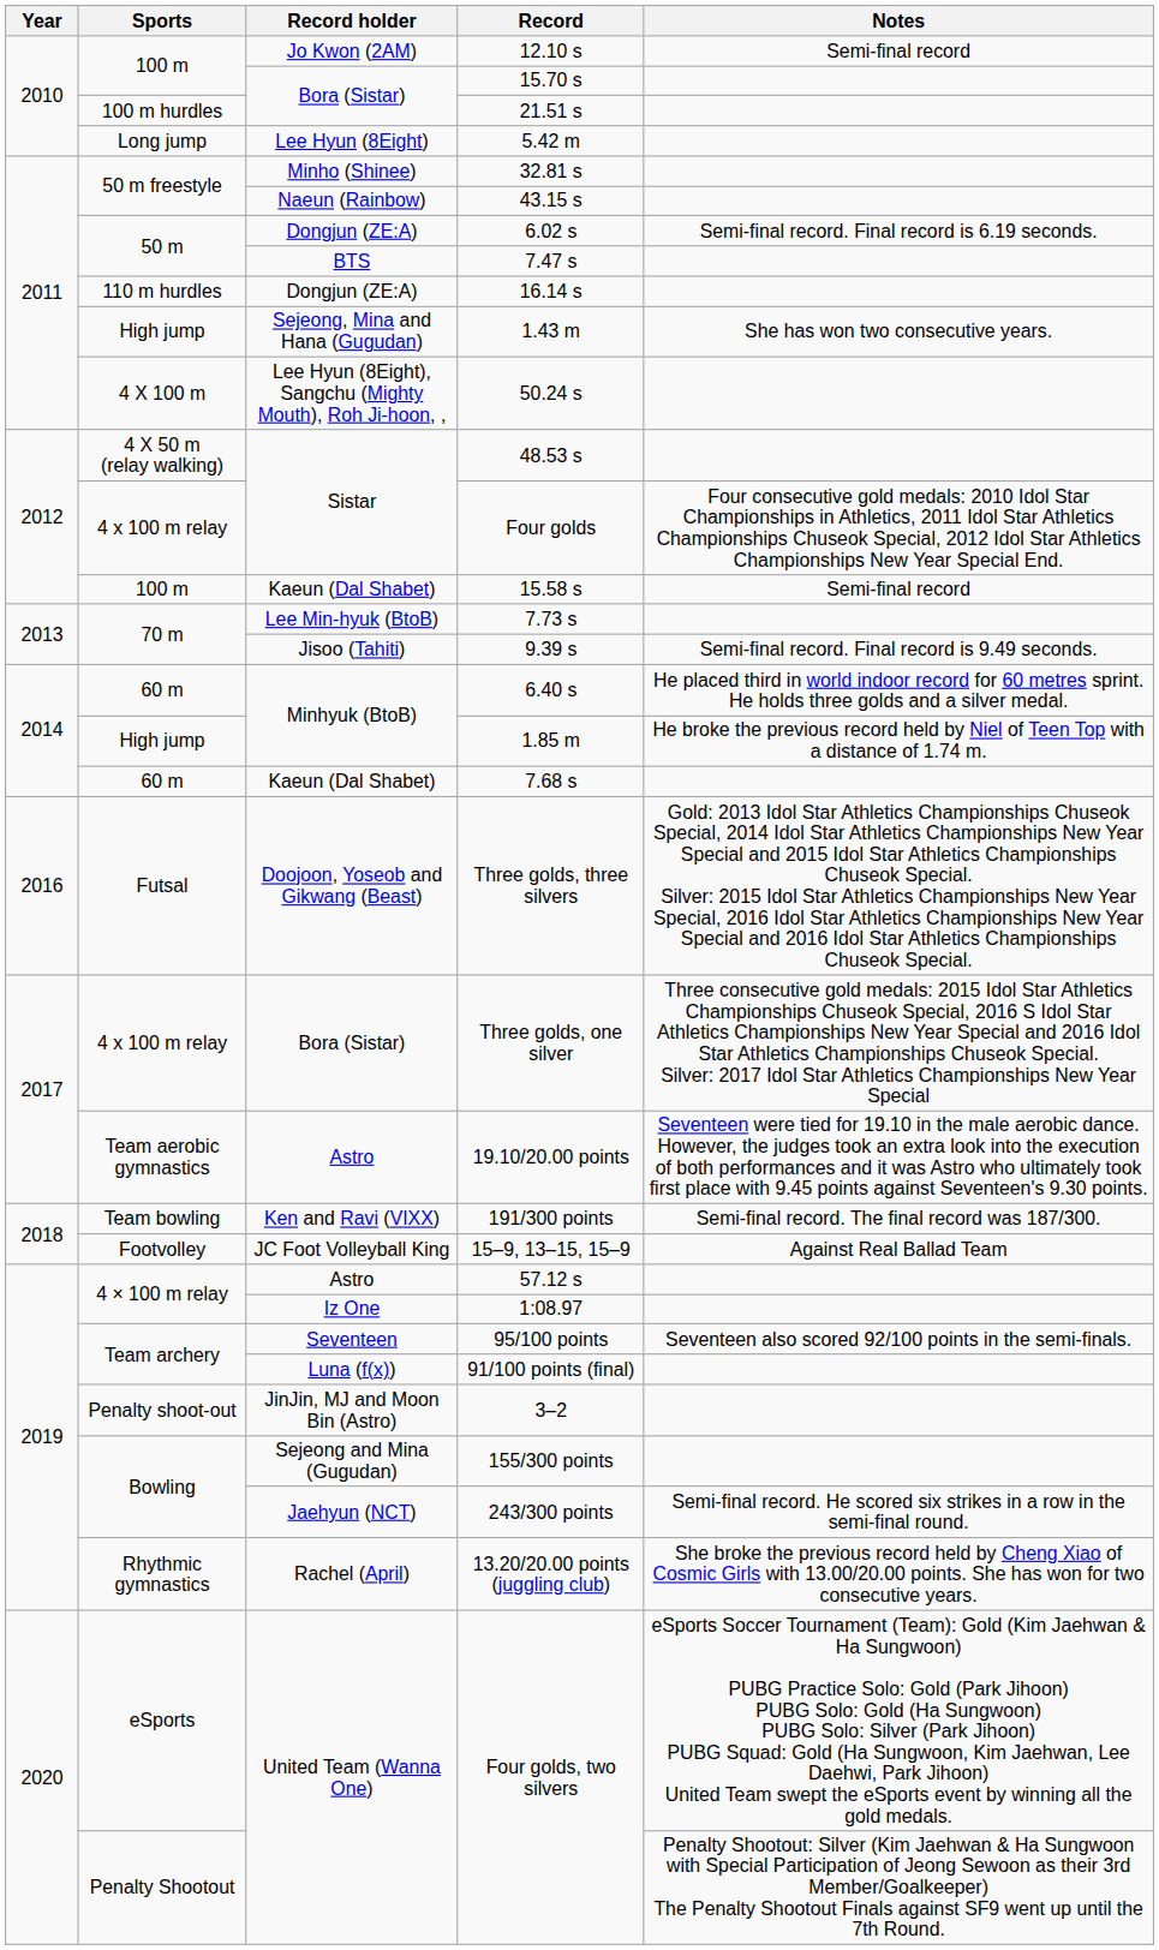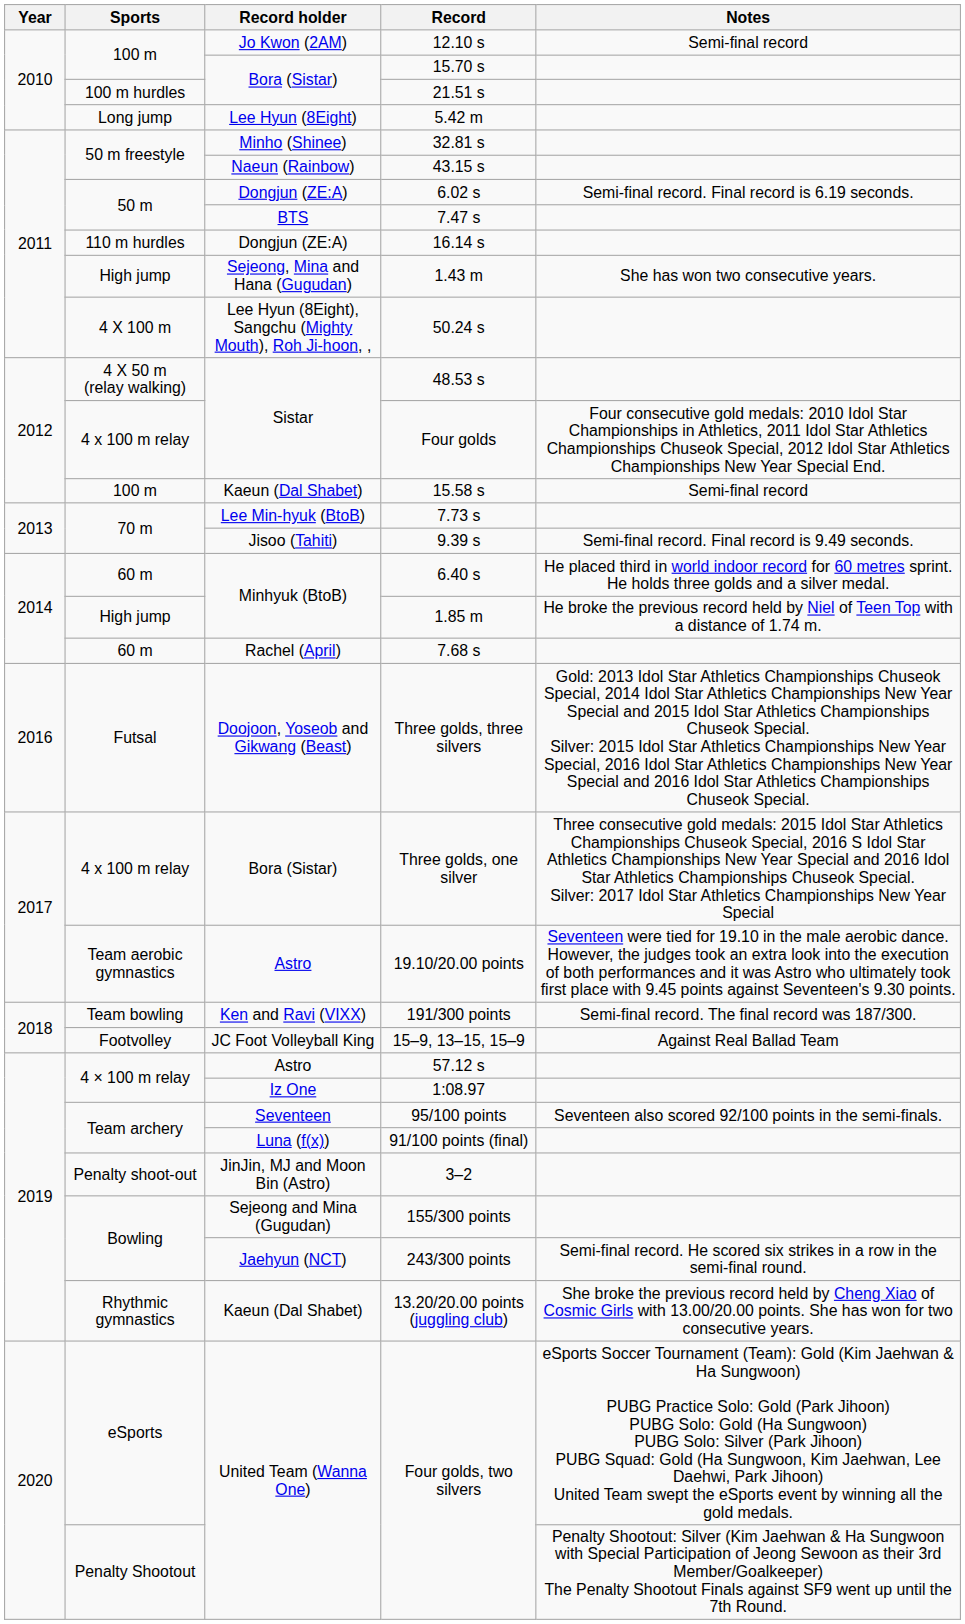 <table class="wikitable" style="text-align:center; font-size:90%;">
 <tr>
 <th style="width:5em; font-size:100%;">Year</th>
 <th style="width:13em; font-size:100%;">Sports</th>
 <th style="width:19em; font-size:100%;">Record holder</th>
 <th style="width:15em; font-size:100%;">Record</th>
 <th style="width:50em; font-size:100%;">Notes</th>
 </tr>
 <tr>
 <td rowspan="4">2010</td>
 <td rowspan="2">100 m</td>
 <td><a href='#'>Jo Kwon</a> (<a href='#'>2AM</a>)</td>
 <td>12.10 s</td>
 <td>Semi-final record</td>
 </tr>
 <tr>
 <td rowspan="2"><a href='#'>Bora</a> (<a href='#'>Sistar</a>)</td>
 <td>15.70 s</td>
 <td></td>
 </tr>
 <tr>
 <td>100 m hurdles</td>
 <td>21.51 s</td>
 <td></td>
 </tr>
 <tr>
 <td>Long jump</td>
 <td><a href='#'>Lee Hyun</a> (<a href='#'>8Eight</a>)</td>
 <td>5.42 m</td>
 <td></td>
 </tr>
 <tr>
 <td rowspan="7">2011</td>
 <td rowspan="2">50 m freestyle</td>
 <td><a href='#'>Minho</a> (<a href='#'>Shinee</a>)</td>
 <td>32.81 s</td>
 <td></td>
 </tr>
 <tr>
 <td><a href='#'>Naeun</a> (<a href='#'>Rainbow</a>)</td>
 <td>43.15 s</td>
 <td></td>
 </tr>
 <tr>
 <td rowspan="2">50 m</td>
 <td><a href='#'>Dongjun</a> (<a href='#'>ZE:A</a>)</td>
 <td>6.02 s</td>
 <td>Semi-final record. Final record is 6.19 seconds.</td>
 </tr>
 <tr>
 <td><a href='#'>BTS</a></td>
 <td>7.47 s</td>
 <td></td>
 </tr>
 <tr>
 <td>110 m hurdles</td>
 <td>Dongjun (ZE:A)</td>
 <td>16.14 s</td>
 <td></td>
 </tr>
 <tr>
 <td>High jump</td>
 <td><a href='#'>Sejeong</a>, <a href='#'>Mina</a> and Hana (<a href='#'>Gugudan</a>)</td>
 <td>1.43 m</td>
 <td>She has won two consecutive years.</td>
 </tr>
 <tr>
 <td>4 X 100 m</td>
 <td>Lee Hyun (8Eight), Sangchu (<a href='#'>Mighty Mouth</a>), <a href='#'>Roh Ji-hoon</a>, ,</td>
 <td>50.24 s</td>
 <td></td>
 </tr>
 <tr>
 <td rowspan="3">2012</td>
 <td>4 X 50 m <br> (relay walking)</td>
 <td rowspan="2">Sistar</td>
 <td>48.53 s</td>
 <td></td>
 </tr>
 <tr>
 <td>4 x 100 m relay</td>
 <td>Four golds</td>
 <td>Four consecutive gold medals: 2010 Idol Star Championships in Athletics, 2011 Idol Star Athletics Championships Chuseok Special, 2012 Idol Star Athletics Championships New Year Special End.</td>
 </tr>
 <tr>
 <td>100 m</td>
 <td>Kaeun (<a href='#'>Dal Shabet</a>)</td>
 <td>15.58 s</td>
 <td>Semi-final record</td>
 </tr>
 <tr>
 <td rowspan="2">2013</td>
 <td rowspan="2">70 m</td>
 <td><a href='#'>Lee Min-hyuk</a> (<a href='#'>BtoB</a>)</td>
 <td>7.73 s</td>
 <td></td>
 </tr>
 <tr>
 <td>Jisoo (<a href='#'>Tahiti</a>)</td>
 <td>9.39 s</td>
 <td>Semi-final record.  Final record is 9.49 seconds.</td>
 </tr>
 <tr>
 <td rowspan="3">2014</td>
 <td>60 m</td>
 <td rowspan="2">Minhyuk (BtoB)</td>
 <td>6.40 s</td>
 <td>He placed third in <a href='#'>world indoor record</a> for <a href='#'>60 metres</a> sprint. He holds three golds and a silver medal.</td>
 </tr>
 <tr>
 <td>High jump</td>
 <td>1.85 m</td>
 <td>He broke the previous record held by <a href='#'>Niel</a> of <a href='#'>Teen Top</a> with a distance of 1.74 m.</td>
 </tr>
 <tr>
 <td>60 m</td>
-<td>Kaeun (Dal Shabet)</td>
+<td>Rachel (<a href='#'>April</a>)</td>
 <td>7.68 s</td>
 </tr>
 <tr>
 <td>2016</td>
 <td>Futsal</td>
 <td><a href='#'>Doojoon</a>, <a href='#'>Yoseob</a> and <a href='#'>Gikwang</a> (<a href='#'>Beast</a>)</td>
 <td>Three golds, three silvers</td>
 <td>Gold:  2013 Idol Star Athletics Championships Chuseok Special, 2014 Idol Star Athletics Championships New Year Special and 2015 Idol Star Athletics Championships Chuseok Special.<br>Silver: 2015 Idol Star Athletics Championships New Year Special, 2016 Idol Star Athletics Championships New Year Special and 2016 Idol Star Athletics Championships Chuseok Special.</td>
 </tr>
 <tr>
 <td rowspan="2">2017</td>
 <td>4 x 100 m relay</td>
 <td>Bora (Sistar)</td>
 <td>Three golds, one silver</td>
 <td>Three consecutive gold medals: 2015 Idol Star Athletics Championships Chuseok Special, 2016 S Idol Star Athletics Championships New Year Special and 2016 Idol Star Athletics Championships Chuseok Special.<br>Silver: 2017 Idol Star Athletics Championships New Year Special</td>
 </tr>
 <tr>
 <td>Team aerobic gymnastics</td>
 <td><a href='#'>Astro</a></td>
 <td>19.10/20.00 points</td>
 <td><a href='#'>Seventeen</a> were tied for 19.10 in the male aerobic dance. However, the judges took an extra look into the execution of both performances and it was Astro who ultimately took first place with 9.45 points against Seventeen's 9.30 points.</td>
 </tr>
 <tr>
 <td rowspan="2">2018</td>
 <td>Team bowling</td>
 <td><a href='#'>Ken</a> and <a href='#'>Ravi</a> (<a href='#'>VIXX</a>)</td>
 <td>191/300 points</td>
 <td>Semi-final record. The final record was 187/300.</td>
 </tr>
 <tr>
 <td>Footvolley</td>
 <td>JC Foot Volleyball King</td>
 <td>15–9, 13–15, 15–9</td>
 <td>Against Real Ballad Team</td>
 </tr>
 <tr>
 <td rowspan="8">2019</td>
 <td rowspan="2">4 × 100 m relay</td>
 <td>Astro</td>
 <td>57.12 s</td>
 <td></td>
 </tr>
 <tr>
 <td><a href='#'>Iz One</a></td>
 <td>1:08.97</td>
 <td></td>
 </tr>
 <tr>
 <td rowspan="2">Team archery</td>
 <td><a href='#'>Seventeen</a></td>
 <td>95/100 points</td>
 <td>Seventeen also scored 92/100 points in the semi-finals.</td>
 </tr>
 <tr>
 <td><a href='#'>Luna</a> (<a href='#'>f(x)</a>)</td>
 <td>91/100 points (final)</td>
 <td></td>
 </tr>
 <tr>
 <td>Penalty shoot-out</td>
 <td>JinJin, MJ and Moon Bin (Astro)</td>
 <td>3–2</td>
 <td></td>
 </tr>
 <tr>
 <td rowspan="2">Bowling</td>
 <td>Sejeong and Mina (Gugudan)</td>
 <td>155/300 points</td>
 <td></td>
 </tr>
 <tr>
 <td><a href='#'>Jaehyun</a> (<a href='#'>NCT</a>)</td>
 <td>243/300 points</td>
 <td>Semi-final record. He scored six strikes in a row in the semi-final round.</td>
 </tr>
 <tr>
 <td>Rhythmic gymnastics</td>
-<td>Rachel (<a href='#'>April</a>)</td>
+<td>Kaeun (Dal Shabet)</td>
 <td>13.20/20.00 points <br>(<a href='#'>juggling club</a>)</td>
 <td>She broke the previous record held by <a href='#'>Cheng Xiao</a> of <a href='#'>Cosmic Girls</a> with 13.00/20.00 points. She has won for two consecutive years.</td>
 </tr>
 <tr>
 <td rowspan="2">2020</td>
 <td>eSports</td>
 <td rowspan="2">United Team (<a href='#'>Wanna One</a>)</td>
 <td rowspan="2">Four golds, two silvers</td>
 <td>eSports Soccer Tournament (Team): Gold (Kim Jaehwan & Ha Sungwoon) <br><br>PUBG Practice Solo: Gold (Park Jihoon) <br> PUBG Solo: Gold (Ha Sungwoon) <br>  PUBG Solo: Silver (Park Jihoon) <br> PUBG Squad: Gold (Ha Sungwoon, Kim Jaehwan, Lee Daehwi, Park Jihoon)<br>United Team swept the eSports event by winning all the gold medals.</td>
 </tr>
 <tr>
 <td>Penalty Shootout</td>
 <td>Penalty Shootout: Silver (Kim Jaehwan & Ha Sungwoon with Special Participation of Jeong Sewoon as their 3rd Member/Goalkeeper)<br>The Penalty Shootout Finals against SF9 went up until the 7th Round.</td>
 </tr>
 </table>
